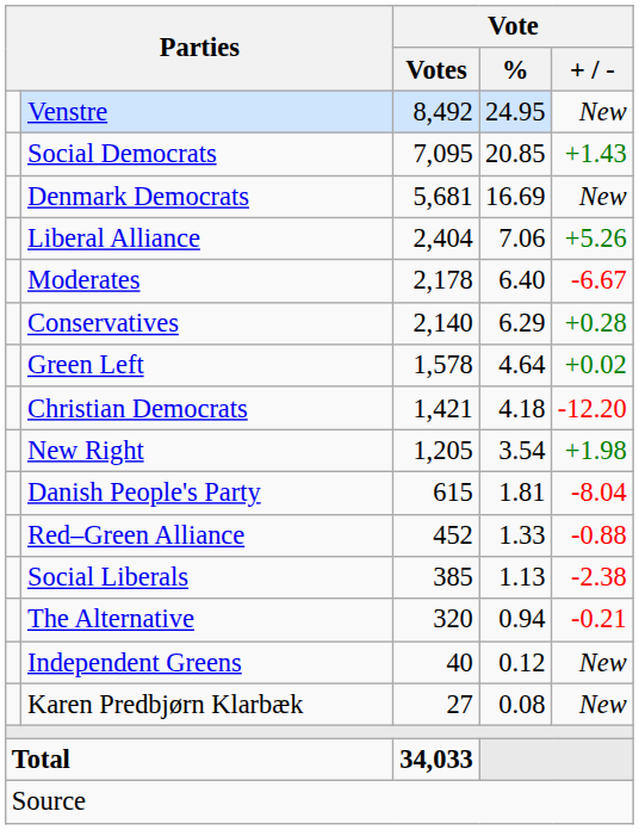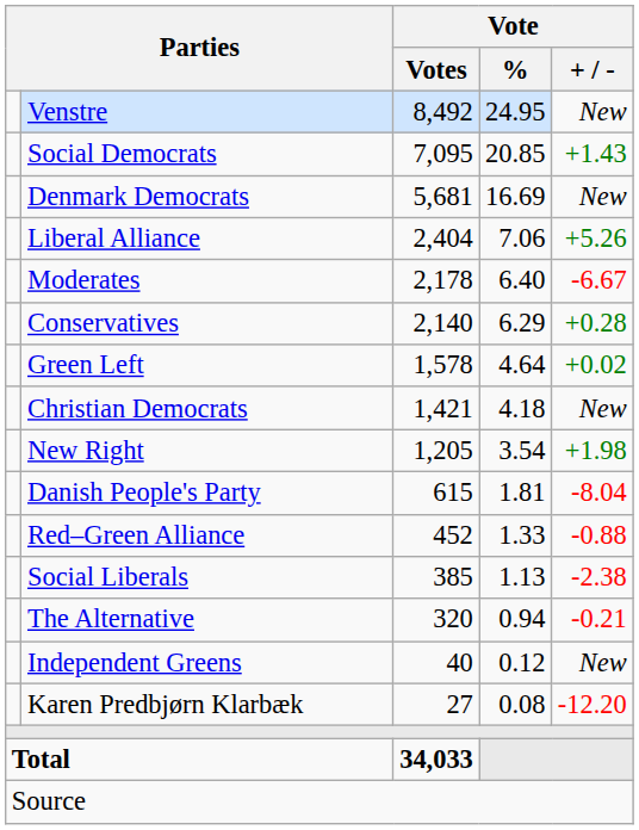 <table class="wikitable" style="text-align:right;">
 <tr>
 <th style="text-align:centre;" rowspan="2" colspan="2" width="225">Parties</th>
 <th colspan="3">Vote</th>
 </tr>
 <tr>
 <th width="15">Votes</th>
 <th width="15">%</th>
 <th width="15">+ / -</th>
 </tr>
 <tr>
 <td width="2" style="color:inherit;background:"></td>
 <td bgcolor=#cfe5fe  align="left"><a href='#'>Venstre</a></td>
 <td bgcolor=#cfe5fe>8,492</td>
 <td bgcolor=#cfe5fe>24.95</td>
 <td><em>New</em></td>
 </tr>
 <tr>
 <td width="2" style="color:inherit;background:"></td>
 <td align="left"><a href='#'>Social Democrats</a></td>
 <td>7,095</td>
 <td>20.85</td>
 <td style=color:green;>+1.43</td>
 </tr>
 <tr>
 <td width="2" style="color:inherit;background:"></td>
 <td align="left"><a href='#'>Denmark Democrats</a></td>
 <td>5,681</td>
 <td>16.69</td>
 <td><em>New</em></td>
 </tr>
 <tr>
 <td width="2" style="color:inherit;background:"></td>
 <td align="left"><a href='#'>Liberal Alliance</a></td>
 <td>2,404</td>
 <td>7.06</td>
 <td style=color:green;>+5.26</td>
 </tr>
 <tr>
 <td width="2" style="color:inherit;background:"></td>
 <td align="left"><a href='#'>Moderates</a></td>
 <td>2,178</td>
 <td>6.40</td>
 <td style=color:red;>-6.67</td>
 </tr>
 <tr>
 <td width="2" style="color:inherit;background:"></td>
 <td align="left"><a href='#'>Conservatives</a></td>
 <td>2,140</td>
 <td>6.29</td>
 <td style=color:green;>+0.28</td>
 </tr>
 <tr>
 <td width="2" style="color:inherit;background:"></td>
 <td align="left"><a href='#'>Green Left</a></td>
 <td>1,578</td>
 <td>4.64</td>
 <td style=color:green;>+0.02</td>
 </tr>
 <tr>
 <td width="2" style="color:inherit;background:"></td>
 <td align="left"><a href='#'>Christian Democrats</a></td>
 <td>1,421</td>
 <td>4.18</td>
-<td style=color:red;>-12.20</td>
+<td><em>New</em></td>
 </tr>
 <tr>
 <td width="2" style="color:inherit;background:"></td>
 <td align="left"><a href='#'>New Right</a></td>
 <td>1,205</td>
 <td>3.54</td>
 <td style=color:green;>+1.98</td>
 </tr>
 <tr>
 <td width="2" style="color:inherit;background:"></td>
 <td align="left"><a href='#'>Danish People's Party</a></td>
 <td>615</td>
 <td>1.81</td>
 <td style=color:red;>-8.04</td>
 </tr>
 <tr>
 <td width="2" style="color:inherit;background:"></td>
 <td align="left"><a href='#'>Red–Green Alliance</a></td>
 <td>452</td>
 <td>1.33</td>
 <td style=color:red;>-0.88</td>
 </tr>
 <tr>
 <td width="2" style="color:inherit;background:"></td>
 <td align="left"><a href='#'>Social Liberals</a></td>
 <td>385</td>
 <td>1.13</td>
 <td style=color:red;>-2.38</td>
 </tr>
 <tr>
 <td width="2" style="color:inherit;background:"></td>
 <td align="left"><a href='#'>The Alternative</a></td>
 <td>320</td>
 <td>0.94</td>
 <td style=color:red;>-0.21</td>
 </tr>
 <tr>
 <td width="2" style="color:inherit;background:"></td>
 <td align="left"><a href='#'>Independent Greens</a></td>
 <td>40</td>
 <td>0.12</td>
 <td><em>New</em></td>
 </tr>
 <tr>
 <td width="2" style="color:inherit;background:"></td>
 <td align="left">Karen Predbjørn Klarbæk</td>
 <td>27</td>
 <td>0.08</td>
-<td><em>New</em></td>
+<td style=color:red;>-12.20</td>
 </tr>
 <tr>
 <td colspan="7" bgcolor="#E9E9E9"></td>
 </tr>
 <tr>
 <td align="left" colspan="2"><strong>Total</strong></td>
 <td><strong>34,033</strong></td>
 <td bgcolor="#E9E9E9" colspan="2"></td>
 </tr>
 <tr>
 <td align="left" colspan="6">Source</td>
 </tr>
 </table>
